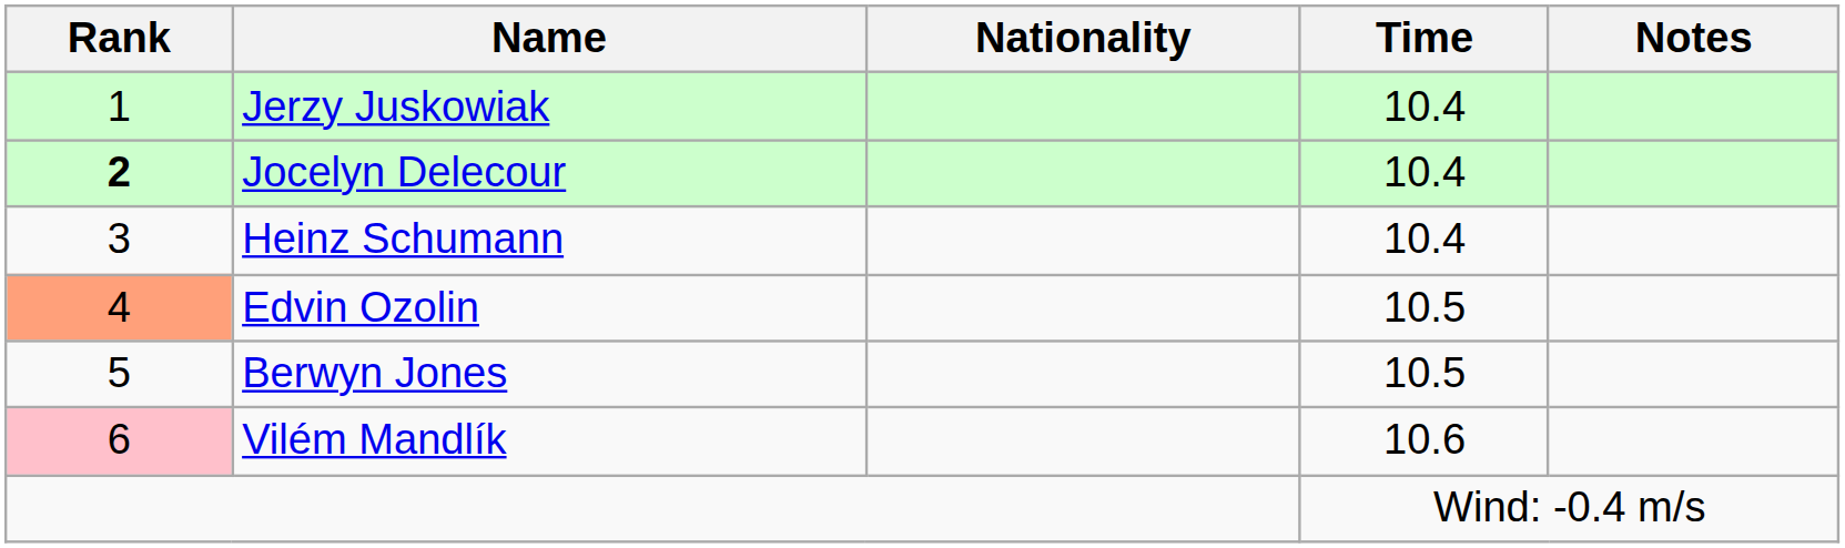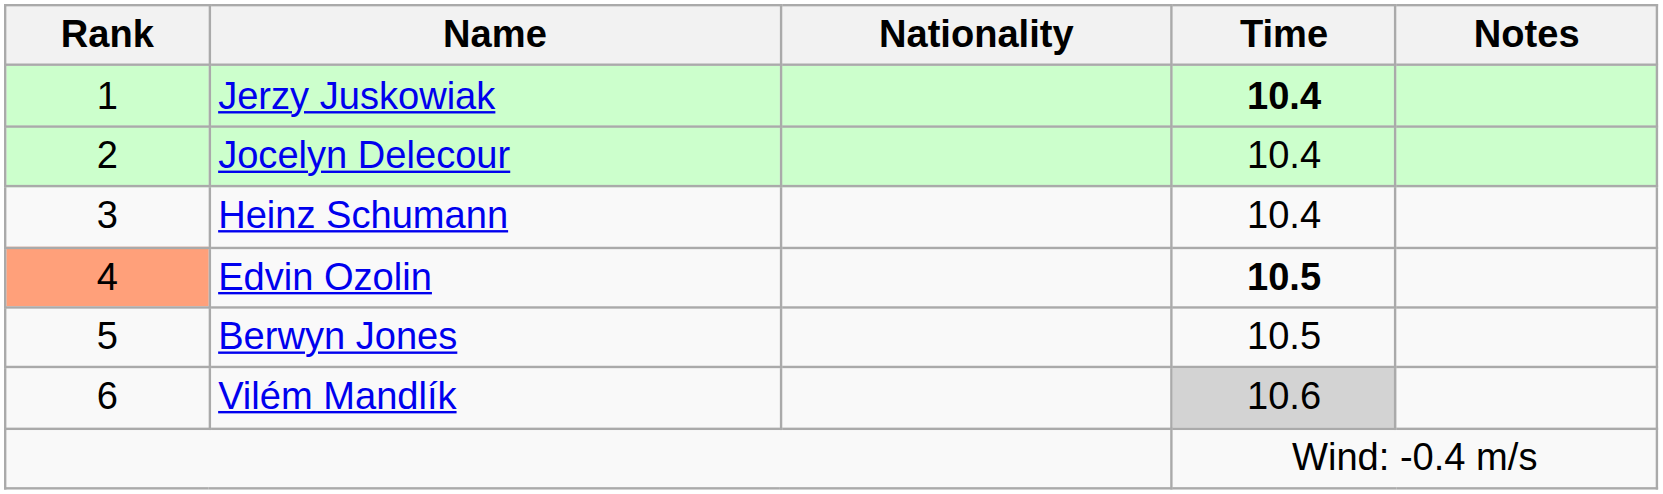 <table class="wikitable sortable" style="text-align:center;width: 55%">
 <tr>
 <th>Rank</th>
 <th>Name</th>
 <th>Nationality</th>
 <th>Time</th>
 <th>Notes</th>
 </tr>
 <tr bgcolor=ccffcc>
 <td>1</td>
 <td align=left><a href='#'>Jerzy Juskowiak</a></td>
 <td align=left></td>
-<td>10.4</td>
+<td><strong>10.4</strong></td>
 <td></td>
 </tr>
 <tr bgcolor=ccffcc>
-<td><strong>2</strong></td>
+<td>2</td>
 <td align=left><a href='#'>Jocelyn Delecour</a></td>
 <td align=left></td>
 <td>10.4</td>
 <td></td>
 </tr>
 <tr>
 <td>3</td>
 <td align=left><a href='#'>Heinz Schumann</a></td>
 <td align=left></td>
 <td>10.4</td>
 <td></td>
 </tr>
 <tr>
 <td style="background: lightsalmon;">4</td>
 <td align=left><a href='#'>Edvin Ozolin</a></td>
 <td align=left></td>
-<td>10.5</td>
+<td><strong>10.5</strong></td>
 <td></td>
 </tr>
 <tr>
 <td>5</td>
 <td align=left><a href='#'>Berwyn Jones</a></td>
 <td align=left></td>
 <td>10.5</td>
 <td></td>
 </tr>
 <tr>
-<td style="background: pink;">6</td>
+<td>6</td>
 <td align=left><a href='#'>Vilém Mandlík</a></td>
 <td align=left></td>
-<td>10.6</td>
+<td style="background: lightgrey;">10.6</td>
 <td></td>
 </tr>
 <tr>
 <td colspan="3"></td>
 <td colspan="2">Wind: -0.4 m/s</td>
 </tr>
 </table>
